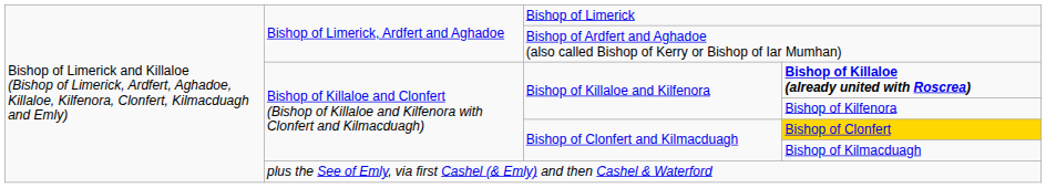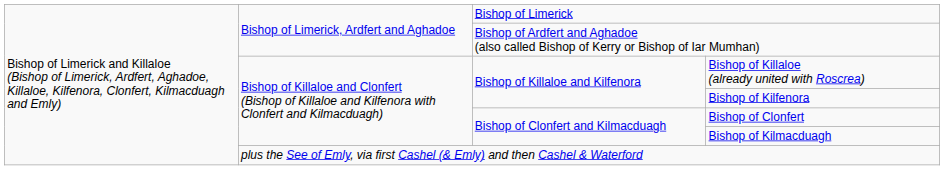 <table class="wikitable">
 <tr>
 <td rowspan="7" width="25%">Bishop of Limerick and Killaloe<br><em>(Bishop of Limerick, Ardfert, Aghadoe, Killaloe, Kilfenora, Clonfert, Kilmacduagh and Emly)</em></td>
 <td rowspan="2" width="25%"><a href='#'>Bishop of Limerick, Ardfert and Aghadoe</a></td>
 <td colspan="2" width="50%"><a href='#'>Bishop of Limerick</a></td>
 </tr>
 <tr>
 <td colspan="2" width=50%><a href='#'>Bishop of Ardfert and Aghadoe</a><br>(also called Bishop of Kerry or Bishop of Iar Mumhan)</td>
 </tr>
 <tr>
 <td rowspan="4" width="25%"><a href='#'>Bishop of Killaloe and Clonfert</a><br><em>(Bishop of Killaloe and Kilfenora with Clonfert and Kilmacduagh)</em></td>
 <td rowspan="2" width="25%"><a href='#'>Bishop of Killaloe and Kilfenora</a></td>
-<td width="25%"><strong><a href='#'>Bishop of Killaloe</a><br><em>(already united with <a href='#'>Roscrea</a>)</em></strong></td>
+<td width="25%"><a href='#'>Bishop of Killaloe</a><br><em>(already united with <a href='#'>Roscrea</a>)</em></td>
 </tr>
 <tr>
 <td width="25%"><a href='#'>Bishop of Kilfenora</a></td>
 </tr>
 <tr>
 <td rowspan="2" width="25%"><a href='#'>Bishop of Clonfert and Kilmacduagh</a></td>
-<td width="25%" style="background: gold;"><a href='#'>Bishop of Clonfert</a></td>
+<td width="25%"><a href='#'>Bishop of Clonfert</a></td>
 </tr>
 <tr>
 <td width="25%"><a href='#'>Bishop of Kilmacduagh</a></td>
 </tr>
 <tr>
 <td colspan="3"><em>plus the <a href='#'>See of Emly</a>, via first <a href='#'>Cashel (& Emly)</a> and then <a href='#'>Cashel & Waterford</a></em></td>
 </tr>
 </table>
